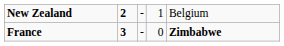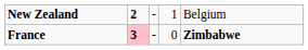 <table class="wikitable">
 <tr>
 <td width=150> <strong>New Zealand</strong></td>
 <td width=20 align="left"><strong>2</strong></td>
 <td>-</td>
 <td width=20 align="right">1</td>
 <td width=150> Belgium</td>
 </tr>
 <tr>
 <td> <strong>France</strong></td>
-<td align="left"><strong>3</strong></td>
+<td align="left" style="background: pink;"><strong>3</strong></td>
 <td>-</td>
 <td align="right">0</td>
 <td><strong> Zimbabwe</strong></td>
 </tr>
 </table>
